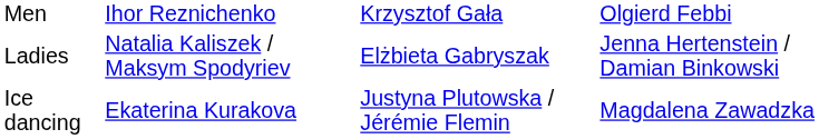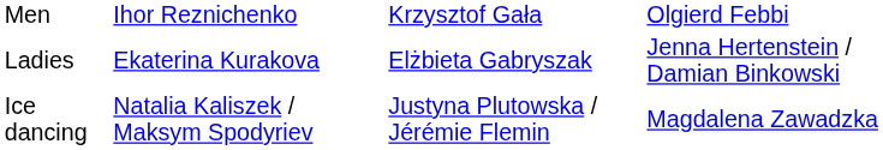 <table>
 <tr>
 <td>Men</td>
 <td><a href='#'>Ihor Reznichenko</a></td>
 <td><a href='#'>Krzysztof Gała</a></td>
 <td><a href='#'>Olgierd Febbi</a></td>
 </tr>
 <tr>
 <td>Ladies</td>
-<td><a href='#'>Natalia Kaliszek</a> / <a href='#'>Maksym Spodyriev</a></td>
+<td><a href='#'>Ekaterina Kurakova</a></td>
 <td><a href='#'>Elżbieta Gabryszak</a></td>
 <td><a href='#'>Jenna Hertenstein</a> / <a href='#'>Damian Binkowski</a></td>
 </tr>
 <tr>
 <td>Ice dancing</td>
-<td><a href='#'>Ekaterina Kurakova</a></td>
+<td><a href='#'>Natalia Kaliszek</a> / <a href='#'>Maksym Spodyriev</a></td>
 <td><a href='#'>Justyna Plutowska</a> / <a href='#'>Jérémie Flemin</a></td>
 <td><a href='#'>Magdalena Zawadzka</a></td>
 </tr>
 </table>
